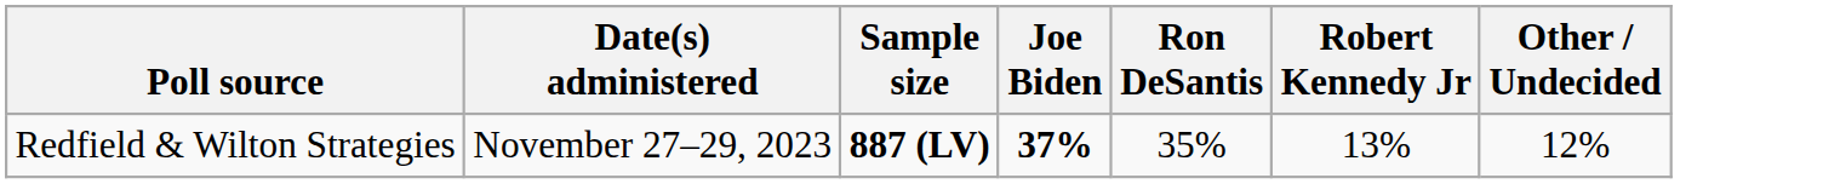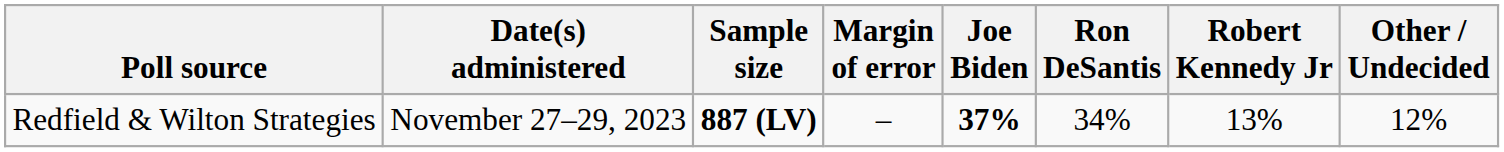 <table class="wikitable sortable mw-datatable" style="font-size:90%;text-align:center;line-height:17px">
 <tr valign=bottom>
 <th>Poll source</th>
 <th>Date(s)<br>administered</th>
 <th>Sample<br>size</th>
+<th>Margin<br>of error</th>
 <th class="unsortable">Joe<br>Biden<br></th>
 <th class="unsortable">Ron<br>DeSantis<br></th>
 <th class="unsortable">Robert<br>Kennedy Jr<br></th>
 <th class="unsortable">Other /<br>Undecided</th>
 </tr>
 <tr>
 <td style="text-align:left;">Redfield & Wilton Strategies</td>
 <td data-sort-value="2023-12-05">November 27–29, 2023</td>
 <td><strong>887 (LV)</strong></td>
+<td>–</td>
 <td style="color:black;background-color:"><strong>37%</strong></td>
-<td>35%</td>
+<td>34%</td>
 <td>13%</td>
 <td>12%</td>
 </tr>
 </table>
